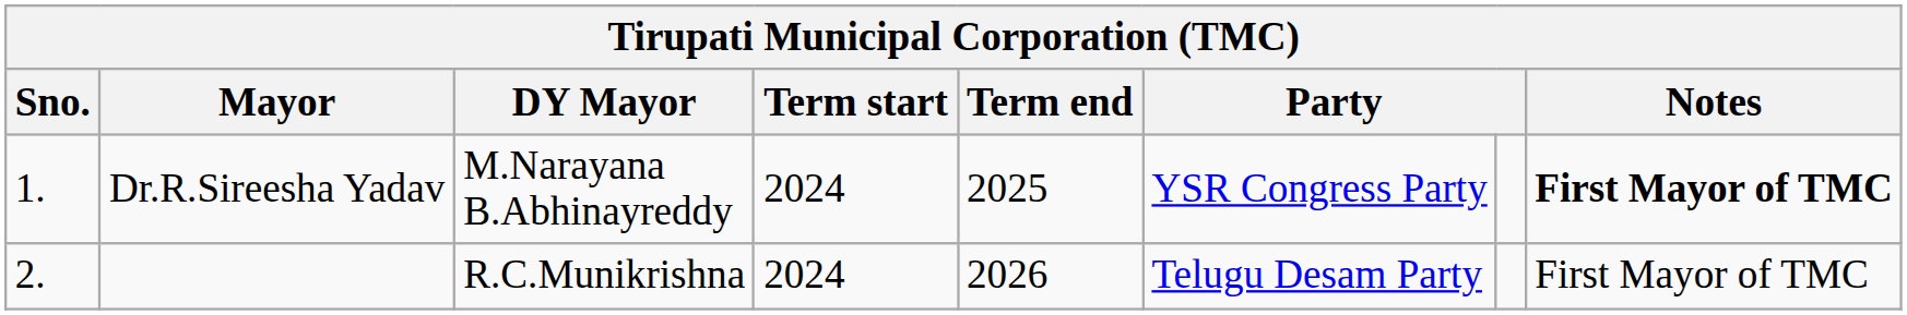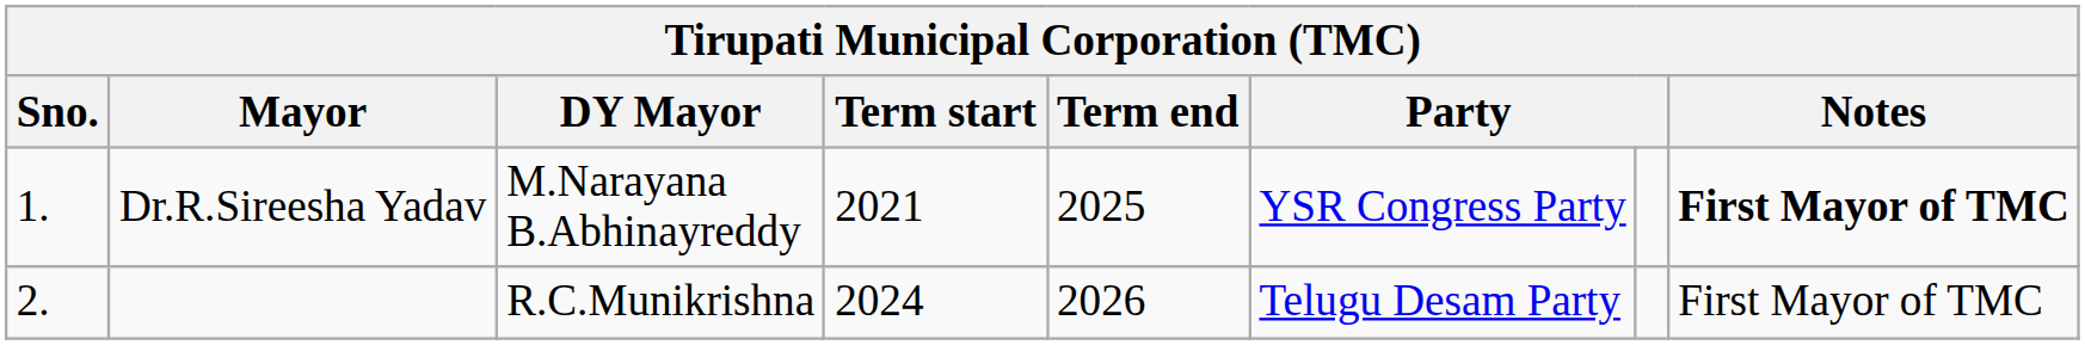 <table class="wikitable sortable">
 <tr>
 <th colspan="8">Tirupati Municipal Corporation (TMC)</th>
 </tr>
 <tr>
 <th>Sno.</th>
 <th>Mayor</th>
 <th>DY Mayor</th>
 <th>Term start</th>
 <th>Term end</th>
 <th colspan=2>Party</th>
 <th>Notes</th>
 </tr>
 <tr>
 <td>1.</td>
 <td>Dr.R.Sireesha Yadav</td>
 <td>M.Narayana<br> B.Abhinayreddy</td>
-<td>2024</td>
+<td>2021</td>
 <td>2025</td>
 <td rowspan="1"><a href='#'>YSR Congress Party</a></td>
 <td rowspan="1" width="4px" style="background-color: "></td>
 <td><strong>First Mayor of TMC</strong></td>
 </tr>
 <tr>
 <td>2.</td>
 <td></td>
 <td>R.C.Munikrishna</td>
 <td>2024</td>
 <td>2026</td>
 <td rowspan="1"><a href='#'>Telugu Desam Party</a></td>
 <td rowspan="1" width="4px" style="background-color: "></td>
 <td>First Mayor of TMC</td>
 </tr>
 </table>
